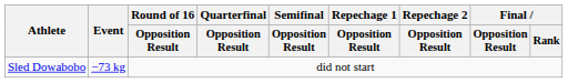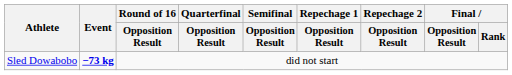 <table class="wikitable" style="font-size:90%">
 <tr>
 <th rowspan=2>Athlete</th>
 <th rowspan=2>Event</th>
 <th>Round of 16</th>
 <th>Quarterfinal</th>
 <th>Semifinal</th>
 <th>Repechage 1</th>
 <th>Repechage 2</th>
 <th colspan=2>Final / </th>
 </tr>
 <tr style="font-size: 95%">
 <th>Opposition<br>Result</th>
 <th>Opposition<br>Result</th>
 <th>Opposition<br>Result</th>
 <th>Opposition<br>Result</th>
 <th>Opposition<br>Result</th>
 <th>Opposition<br>Result</th>
 <th>Rank</th>
 </tr>
 <tr align=center>
 <td align=left><a href='#'>Sled Dowabobo</a></td>
-<td align=left><a href='#'>−73 kg</a></td>
+<td align=left><strong><a href='#'>−73 kg</a></strong></td>
 <td colspan="8">did not start</td>
 </tr>
 </table>
